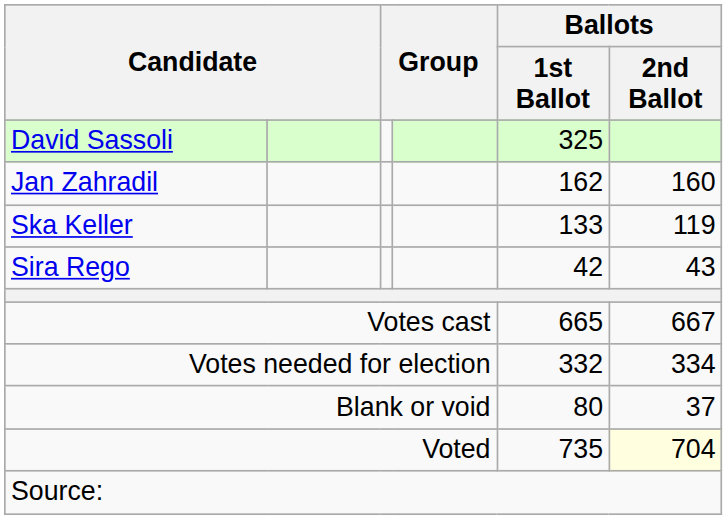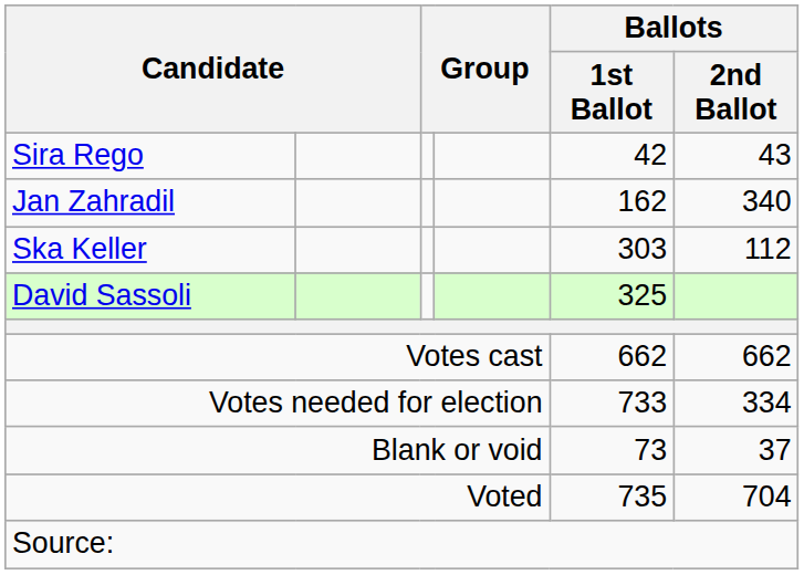 <table class="wikitable">
 <tr>
 <th colspan=2 rowspan=2>Candidate</th>
 <th colspan=2 rowspan=2 style="width:60px">Group</th>
 <th colspan=2>Ballots</th>
 </tr>
 <tr>
 <th style="width:60px;">1st Ballot</th>
 <th style="width:60px;">2nd Ballot</th>
 </tr>
 <tr>
+<td><a href='#'>Sira Rego</a></td>
+<td></td>
+<td style="background-color:"></td>
+<td><strong></strong></td>
+<td align="right">42</td>
+<td align="right">43</td>
+</tr>
+<tr>
+<td><a href='#'>Jan Zahradil</a></td>
+<td></td>
+<td style="background:"></td>
+<td><strong></strong></td>
+<td align="right">162</td>
+<td align="right">340</td>
+</tr>
+<tr>
+<td style="width:150px;"><a href='#'>Ska Keller</a></td>
+<td></td>
+<td style="background:"></td>
+<td style="width:55px;"><strong></strong></td>
+<td align="right">303</td>
+<td align="right">112</td>
+</tr>
+<tr>
 <td style="background-color:#d8ffcc"><a href='#'>David Sassoli</a></td>
 <td style="background-color:#d8ffcc; width:60px;"></td>
 <td style="background-color:"></td>
 <td style="background-color:#d8ffcc"><strong></strong></td>
 <td align="right" style="background-color:#d8ffcc">325</td>
 <td align="right" style="background-color:#d8ffcc"><strong></strong></td>
 </tr>
 <tr>
-<td><a href='#'>Jan Zahradil</a></td>
-<td></td>
-<td style="background:"></td>
-<td><strong></strong></td>
-<td align="right">162</td>
-<td align="right">160</td>
-</tr>
-<tr>
-<td style="width:150px;"><a href='#'>Ska Keller</a></td>
-<td></td>
-<td style="background:"></td>
-<td style="width:55px;"><strong></strong></td>
-<td align="right">133</td>
-<td align="right">119</td>
-</tr>
-<tr>
-<td><a href='#'>Sira Rego</a></td>
-<td></td>
-<td style="background-color:"></td>
-<td><strong></strong></td>
-<td align="right">42</td>
-<td align="right">43</td>
-</tr>
-<tr>
 <th colspan=6></th>
 </tr>
 <tr>
 <td colspan=4 align="right">Votes cast</td>
-<td align="right">665</td>
-<td align="right">667</td>
+<td align="right">662</td>
+<td align="right">662</td>
 </tr>
 <tr>
 <td colspan=4 align="right">Votes needed for election</td>
-<td align="right">332</td>
+<td align="right">733</td>
 <td align="right">334</td>
 </tr>
 <tr>
 <td colspan=4 align="right">Blank or void</td>
-<td align="right">80</td>
+<td align="right">73</td>
 <td align="right">37</td>
 </tr>
 <tr>
 <td colspan=4 align="right">Voted</td>
 <td align="right">735</td>
-<td align="right" style="background: lightyellow;">704</td>
+<td align="right">704</td>
 </tr>
 <tr>
 <td colspan=6>Source: </td>
 </tr>
 </table>
